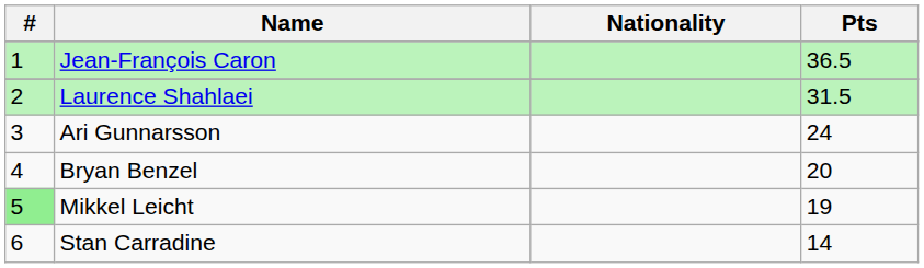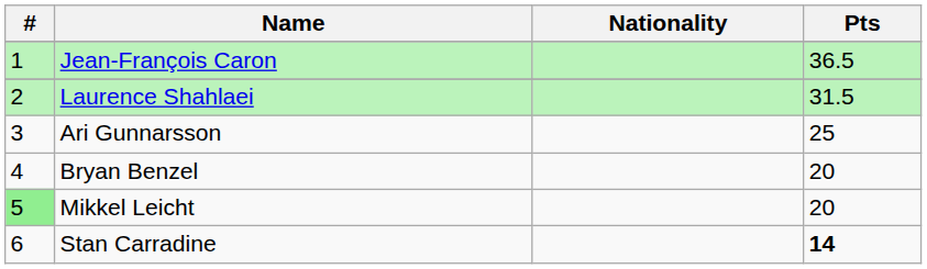 <table class="wikitable" style="display: inline-table; width: 50%;">
 <tr>
 <th>#</th>
 <th>Name</th>
 <th>Nationality</th>
 <th>Pts</th>
 </tr>
 <tr>
 </tr>
 <tr bgcolor=bbf3bb>
 <td>1</td>
 <td><a href='#'>Jean-François Caron</a></td>
 <td></td>
 <td>36.5</td>
 </tr>
 <tr>
 </tr>
 <tr bgcolor=bbf3bb>
 <td>2</td>
 <td><a href='#'>Laurence Shahlaei</a></td>
 <td></td>
 <td>31.5</td>
 </tr>
 <tr>
 <td>3</td>
 <td>Ari Gunnarsson</td>
 <td></td>
-<td>24</td>
+<td>25</td>
 </tr>
 <tr>
 <td>4</td>
 <td>Bryan Benzel</td>
 <td></td>
 <td>20</td>
 </tr>
 <tr>
 <td style="background: lightgreen;">5</td>
 <td>Mikkel Leicht</td>
 <td></td>
-<td>19</td>
+<td>20</td>
 </tr>
 <tr>
 <td>6</td>
 <td>Stan Carradine</td>
 <td></td>
-<td>14</td>
+<td><strong>14</strong></td>
 </tr>
 </table>
